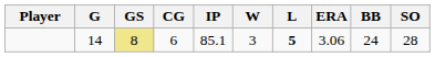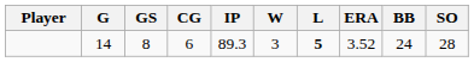 <table class="wikitable sortable">
 <tr>
 <th bgcolor="#DDDDFF" width="16%">Player</th>
 <th bgcolor="#DDDDFF" width="9%">G</th>
 <th bgcolor="#DDDDFF" width="9%">GS</th>
 <th bgcolor="#DDDDFF" width="9%">CG</th>
 <th bgcolor="#DDDDFF" width="9%">IP</th>
 <th bgcolor="#DDDDFF" width="9%">W</th>
 <th bgcolor="#DDDDFF" width="9%">L</th>
 <th bgcolor="#DDDDFF" width="9%">ERA</th>
 <th bgcolor="#DDDDFF" width="9%">BB</th>
 <th bgcolor="#DDDDFF" width="9%">SO</th>
 </tr>
 <tr align="center">
 <td></td>
 <td>14</td>
-<td style="background: khaki;">8</td>
+<td>8</td>
 <td>6</td>
-<td>85.1</td>
+<td>89.3</td>
 <td>3</td>
 <td><strong>5</strong></td>
-<td>3.06</td>
+<td>3.52</td>
 <td>24</td>
 <td>28</td>
 </tr>
 </table>
